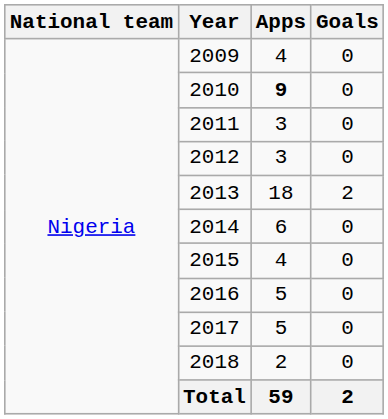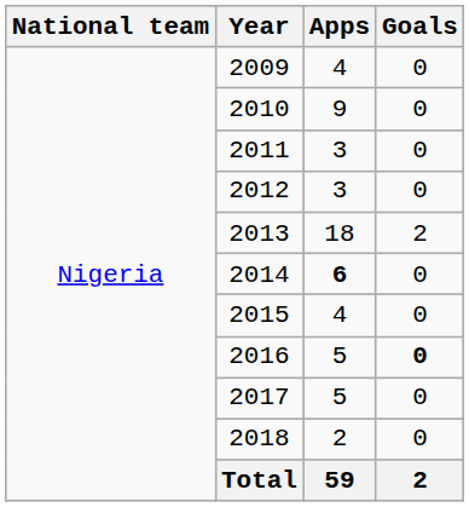 <table class="wikitable" style="text-align:center">
 <tr>
 <th>National team</th>
 <th>Year</th>
 <th>Apps</th>
 <th>Goals</th>
 </tr>
 <tr>
 <td rowspan="11"><a href='#'>Nigeria</a></td>
 <td>2009</td>
 <td>4</td>
 <td>0</td>
 </tr>
 <tr>
 <td>2010</td>
-<td><strong>9</strong></td>
+<td>9</td>
 <td>0</td>
 </tr>
 <tr>
 <td>2011</td>
 <td>3</td>
 <td>0</td>
 </tr>
 <tr>
 <td>2012</td>
 <td>3</td>
 <td>0</td>
 </tr>
 <tr>
 <td>2013</td>
 <td>18</td>
 <td>2</td>
 </tr>
 <tr>
 <td>2014</td>
-<td>6</td>
+<td><strong>6</strong></td>
 <td>0</td>
 </tr>
 <tr>
 <td>2015</td>
 <td>4</td>
 <td>0</td>
 </tr>
 <tr>
 <td>2016</td>
 <td>5</td>
-<td>0</td>
+<td><strong>0</strong></td>
 </tr>
 <tr>
 <td>2017</td>
 <td>5</td>
 <td>0</td>
 </tr>
 <tr>
 <td>2018</td>
 <td>2</td>
 <td>0</td>
 </tr>
 <tr>
 <th>Total</th>
 <th>59</th>
 <th>2</th>
 </tr>
 </table>
